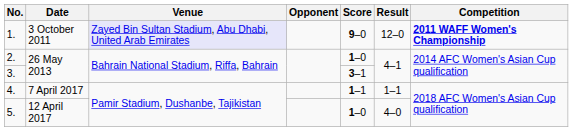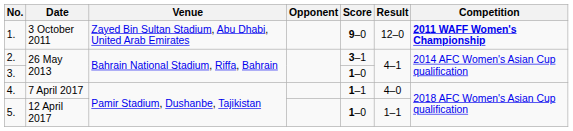 <table class="wikitable">
 <tr>
 <th>No.</th>
 <th>Date</th>
 <th>Venue</th>
 <th>Opponent</th>
 <th>Score</th>
 <th>Result</th>
 <th>Competition</th>
 </tr>
 <tr>
 <td>1.</td>
 <td>3 October 2011</td>
-<td style="background: lavender;"><a href='#'>Zayed Bin Sultan Stadium</a>, <a href='#'>Abu Dhabi</a>, <a href='#'>United Arab Emirates</a></td>
+<td><a href='#'>Zayed Bin Sultan Stadium</a>, <a href='#'>Abu Dhabi</a>, <a href='#'>United Arab Emirates</a></td>
 <td></td>
 <td align=center><strong>9</strong>–0</td>
 <td align=center>12–0</td>
 <td><strong><a href='#'>2011 WAFF Women's Championship</a></strong></td>
 </tr>
 <tr>
 <td>2.</td>
 <td rowspan="2">26 May 2013</td>
 <td rowspan="2"><a href='#'>Bahrain National Stadium</a>, <a href='#'>Riffa</a>, <a href='#'>Bahrain</a></td>
 <td rowspan="2"></td>
-<td align=center><strong>1</strong>–0</td>
+<td align=center><strong>3</strong>–1</td>
 <td rowspan="2" align=center>4–1</td>
 <td rowspan="2"><a href='#'>2014 AFC Women's Asian Cup qualification</a></td>
 </tr>
 <tr>
 <td>3.</td>
-<td align=center><strong>3</strong>–1</td>
+<td align=center><strong>1</strong>–0</td>
 </tr>
 <tr>
 <td>4.</td>
 <td>7 April 2017</td>
 <td rowspan=2><a href='#'>Pamir Stadium</a>, <a href='#'>Dushanbe</a>, <a href='#'>Tajikistan</a></td>
 <td></td>
 <td align=center><strong>1</strong>–1</td>
-<td align=center>1–1</td>
+<td align=center>4–0</td>
 <td rowspan="2"><a href='#'>2018 AFC Women's Asian Cup qualification</a></td>
 </tr>
 <tr>
 <td>5.</td>
 <td>12 April 2017</td>
 <td></td>
 <td align=center><strong>1</strong>–0</td>
-<td align=center>4–0</td>
+<td align=center>1–1</td>
 </tr>
 </table>
